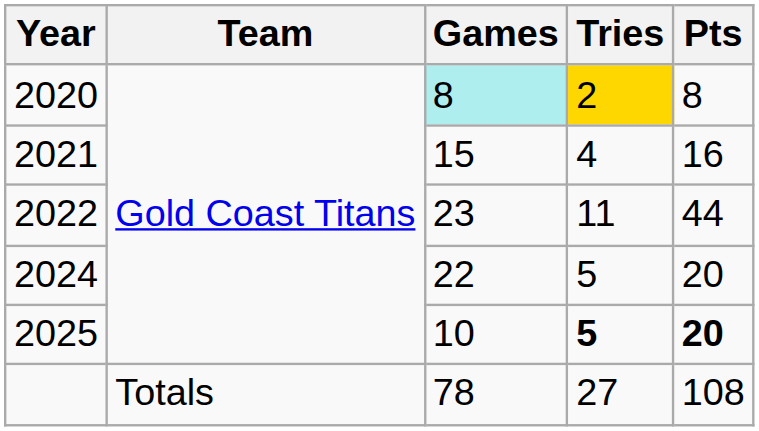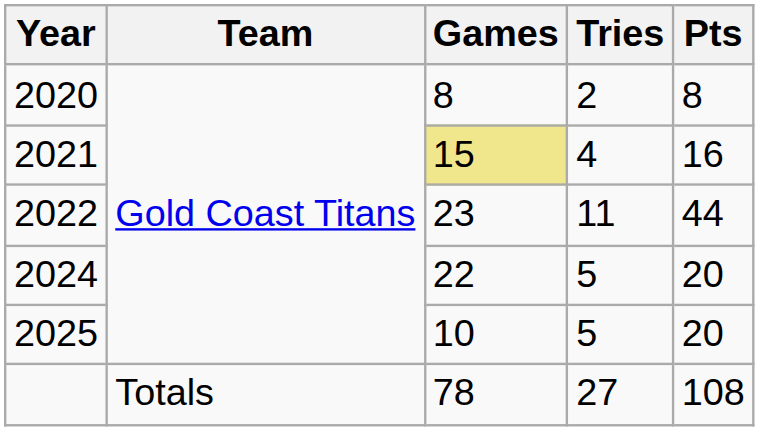 <table class="wikitable">
 <tr>
 <th>Year</th>
 <th>Team</th>
 <th>Games</th>
 <th>Tries</th>
 <th>Pts</th>
 </tr>
 <tr>
 <td>2020</td>
 <td rowspan="5"> <a href='#'>Gold Coast Titans</a></td>
-<td style="background: paleturquoise;">8</td>
-<td style="background: gold;">2</td>
+<td>8</td>
+<td>2</td>
 <td>8</td>
 </tr>
 <tr>
 <td>2021</td>
-<td>15</td>
+<td style="background: khaki;">15</td>
 <td>4</td>
 <td>16</td>
 </tr>
 <tr>
 <td>2022</td>
 <td>23</td>
 <td>11</td>
 <td>44</td>
 </tr>
 <tr>
 <td>2024</td>
 <td>22</td>
 <td>5</td>
 <td>20</td>
 </tr>
 <tr>
 <td>2025</td>
 <td>10</td>
-<td><strong>5</strong></td>
-<td><strong>20</strong></td>
+<td>5</td>
+<td>20</td>
 </tr>
 <tr>
 <td></td>
 <td>Totals</td>
 <td>78</td>
 <td>27</td>
 <td>108</td>
 </tr>
 </table>
